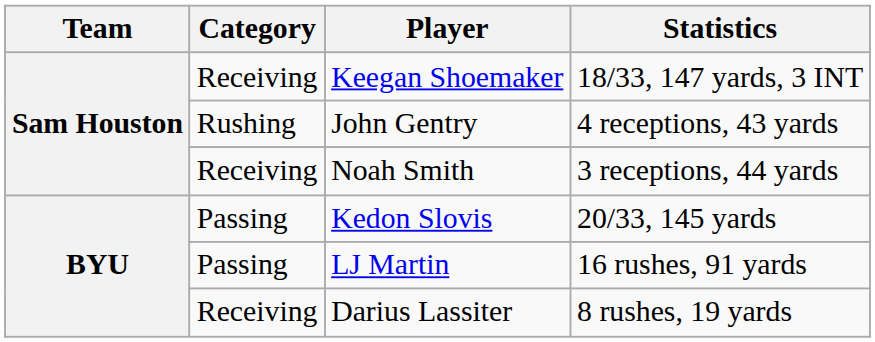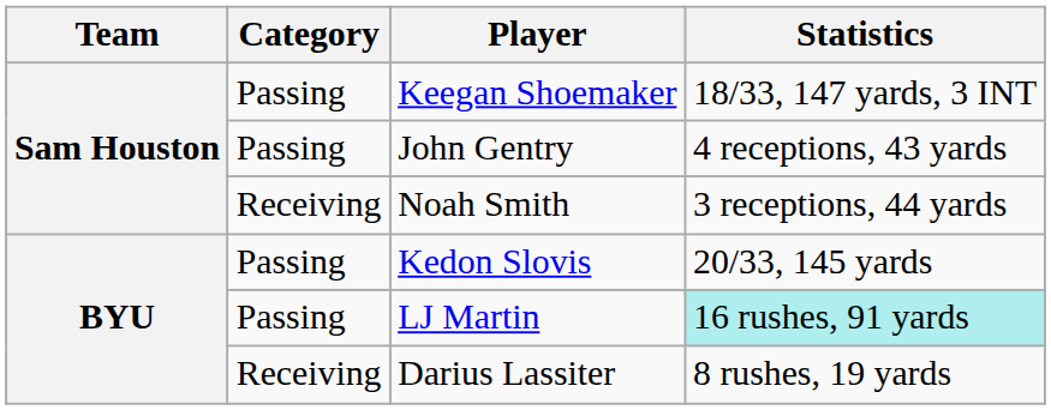 <table class="wikitable" style="float:right">
 <tr>
 <th>Team</th>
 <th>Category</th>
 <th>Player</th>
 <th>Statistics</th>
 </tr>
 <tr>
 <th rowspan=3>Sam Houston</th>
-<td>Receiving</td>
+<td>Passing</td>
 <td><a href='#'>Keegan Shoemaker</a></td>
 <td>18/33, 147 yards, 3 INT</td>
 </tr>
 <tr>
-<td>Rushing</td>
+<td>Passing</td>
 <td>John Gentry</td>
 <td>4 receptions, 43 yards</td>
 </tr>
 <tr>
 <td>Receiving</td>
 <td>Noah Smith</td>
 <td>3 receptions, 44 yards</td>
 </tr>
 <tr>
 <th rowspan=3>BYU</th>
 <td>Passing</td>
 <td><a href='#'>Kedon Slovis</a></td>
 <td>20/33, 145 yards</td>
 </tr>
 <tr>
 <td>Passing</td>
 <td><a href='#'>LJ Martin</a></td>
-<td>16 rushes, 91 yards</td>
+<td style="background: paleturquoise;">16 rushes, 91 yards</td>
 </tr>
 <tr>
 <td>Receiving</td>
 <td>Darius Lassiter</td>
 <td>8 rushes, 19 yards</td>
 </tr>
 </table>
